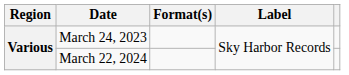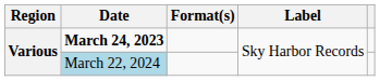 <table class="wikitable plainrowheaders">
 <tr>
 <th scope="col">Region</th>
 <th scope="col">Date</th>
 <th scope="col">Format(s)</th>
 <th scope="col">Label</th>
 <th scope="col"></th>
 </tr>
 <tr>
 <th scope="row" rowspan="2">Various</th>
-<td>March 24, 2023</td>
+<td><strong>March 24, 2023</strong></td>
 <td></td>
 <td rowspan="2">Sky Harbor Records</td>
 <td style="text-align:center;"></td>
 </tr>
 <tr>
-<td>March 22, 2024</td>
+<td style="background: lightblue;">March 22, 2024</td>
 <td></td>
 <td style="text-align:center;"></td>
 </tr>
 </table>
